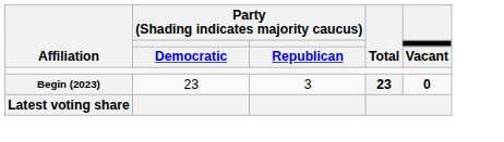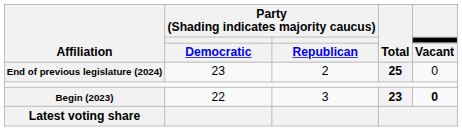 <table class=wikitable style="text-align:center">
 <tr style="vertical-align:bottom;">
 <th rowspan=3>Affiliation</th>
 <th colspan=2>Party <div>(Shading indicates majority caucus)</div></th>
 <th rowspan=3>Total</th>
 <th></th>
 </tr>
 <tr style="height:5px">
 <th style="background-color:"></th>
 <th style="background-color:"></th>
 <th style="background-color:black"></th>
 </tr>
 <tr>
 <th><a href='#'>Democratic</a></th>
 <th><a href='#'>Republican</a></th>
 <th>Vacant</th>
 </tr>
 <tr>
+<th style="font-size:80%">End of previous legislature (2024)</th>
+<td>23</td>
+<td>2</td>
+<th>25</th>
+<td>0</td>
+</tr>
+<tr>
 <td colspan=5></td>
 </tr>
 <tr>
 <th style="font-size:80%">Begin (2023)</th>
-<td>23</td>
+<td>22</td>
 <td>3</td>
 <th>23</th>
 <td><strong>0</strong></td>
 </tr>
 <tr>
 <th>Latest voting share</th>
 <th></th>
 <th></th>
 <th colspan=2></th>
 </tr>
 </table>
